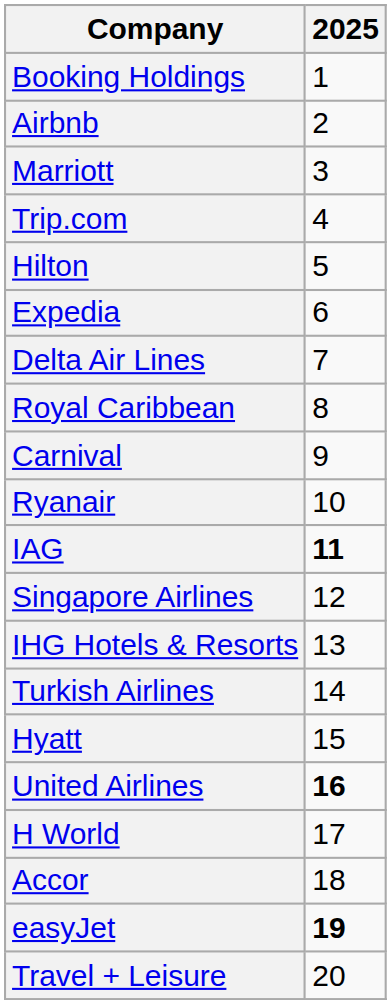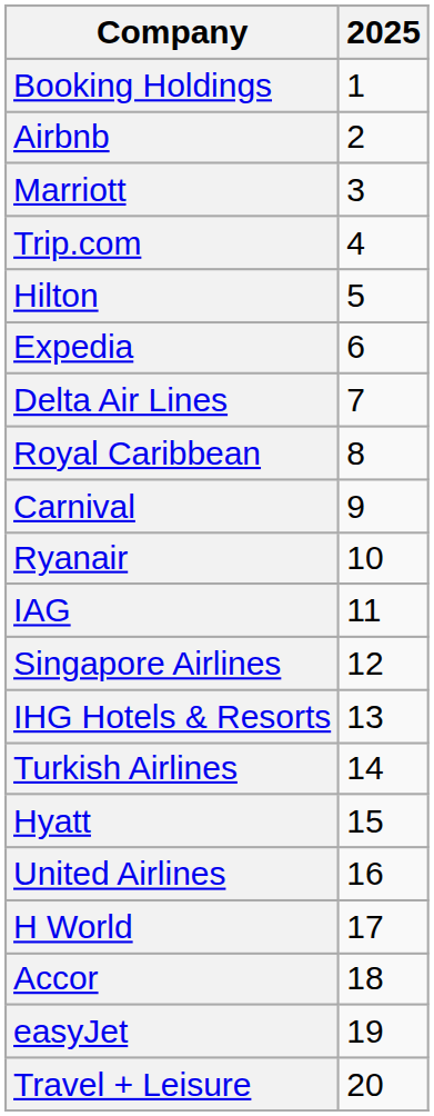 <table class="wikitable sortable" style="font-size: 90%">
 <tr>
 <th style="background-color:#f2f2f2;">Company</th>
 <th style="background-color:#f2f2f2;">2025</th>
 </tr>
 <tr>
 <td style="background-color:#f2f2f2;"><a href='#'>Booking Holdings</a></td>
 <td>1</td>
 </tr>
 <tr>
 <td style="background-color:#f2f2f2;"><a href='#'>Airbnb</a></td>
 <td>2</td>
 </tr>
 <tr>
 <td style="background-color:#f2f2f2;"><a href='#'>Marriott</a></td>
 <td>3</td>
 </tr>
 <tr>
 <td style="background-color:#f2f2f2;"><a href='#'>Trip.com</a></td>
 <td>4</td>
 </tr>
 <tr>
 <td style="background-color:#f2f2f2;"><a href='#'>Hilton</a></td>
 <td>5</td>
 </tr>
 <tr>
 <td style="background-color:#f2f2f2;"><a href='#'>Expedia</a></td>
 <td>6</td>
 </tr>
 <tr>
 <td style="background-color:#f2f2f2;"><a href='#'>Delta Air Lines</a></td>
 <td>7</td>
 </tr>
 <tr>
 <td style="background-color:#f2f2f2;"><a href='#'>Royal Caribbean</a></td>
 <td>8</td>
 </tr>
 <tr>
 <td style="background-color:#f2f2f2;"><a href='#'>Carnival</a></td>
 <td>9</td>
 </tr>
 <tr>
 <td style="background-color:#f2f2f2;"><a href='#'>Ryanair</a></td>
 <td>10</td>
 </tr>
 <tr>
 <td style="background-color:#f2f2f2;"><a href='#'>IAG</a></td>
-<td><strong>11</strong></td>
+<td>11</td>
 </tr>
 <tr>
 <td style="background-color:#f2f2f2;"><a href='#'>Singapore Airlines</a></td>
 <td>12</td>
 </tr>
 <tr>
 <td style="background-color:#f2f2f2;"><a href='#'>IHG Hotels & Resorts</a></td>
 <td>13</td>
 </tr>
 <tr>
 <td style="background-color:#f2f2f2;"><a href='#'>Turkish Airlines</a></td>
 <td>14</td>
 </tr>
 <tr>
 <td style="background-color:#f2f2f2;"><a href='#'>Hyatt</a></td>
 <td>15</td>
 </tr>
 <tr>
 <td style="background-color:#f2f2f2;"><a href='#'>United Airlines</a></td>
-<td><strong>16</strong></td>
+<td>16</td>
 </tr>
 <tr>
 <td style="background-color:#f2f2f2;"><a href='#'>H World</a></td>
 <td>17</td>
 </tr>
 <tr>
 <td style="background-color:#f2f2f2;"><a href='#'>Accor</a></td>
 <td>18</td>
 </tr>
 <tr>
 <td style="background-color:#f2f2f2;"><a href='#'>easyJet</a></td>
-<td><strong>19</strong></td>
+<td>19</td>
 </tr>
 <tr>
 <td style="background-color:#f2f2f2;"><a href='#'>Travel + Leisure</a></td>
 <td>20</td>
 </tr>
 <tr>
 </tr>
 </table>
